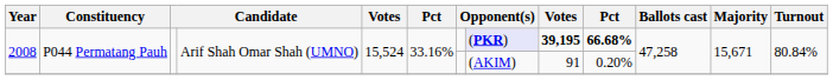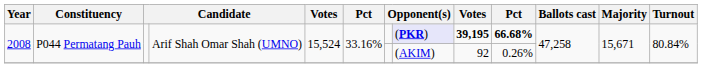 <table class="wikitable" style="margin:0.5em ; font-size:95%">
 <tr>
 <th>Year</th>
 <th>Constituency</th>
 <th colspan=2>Candidate</th>
 <th>Votes</th>
 <th>Pct</th>
 <th colspan=2>Opponent(s)</th>
 <th>Votes</th>
 <th>Pct</th>
 <th>Ballots cast</th>
 <th>Majority</th>
 <th>Turnout</th>
 </tr>
 <tr>
 <td rowspan=2><a href='#'>2008</a></td>
 <td rowspan=2>P044 <a href='#'>Permatang Pauh</a></td>
 <td rowspan=2 ></td>
 <td rowspan=2>Arif Shah Omar Shah (<a href='#'>UMNO</a>)</td>
 <td rowspan=2 align="right">15,524</td>
 <td rowspan=2>33.16%</td>
 <td></td>
 <td style="background: lavender;"> (<a href='#'><strong>PKR</strong></a>)</td>
 <td align="right"><strong>39,195</strong></td>
 <td><strong>66.68%</strong></td>
 <td rowspan=2>47,258</td>
 <td rowspan=2>15,671</td>
 <td rowspan=2>80.84%</td>
 </tr>
 <tr>
 <td></td>
 <td> (<a href='#'>AKIM</a>)</td>
-<td align=right>91</td>
-<td align=right>0.20%</td>
+<td align=right>92</td>
+<td align=right>0.26%</td>
 </tr>
 <tr>
 </tr>
 </table>
